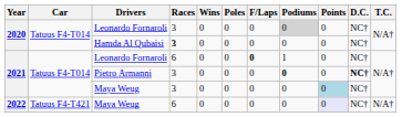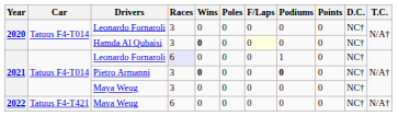 <table class="wikitable" style="font-size:85%">
 <tr>
 <th>Year</th>
 <th>Car</th>
 <th>Drivers</th>
 <th>Races</th>
 <th>Wins</th>
 <th>Poles</th>
 <th>F/Laps</th>
 <th>Podiums</th>
 <th>Points</th>
 <th>D.C.</th>
 <th>T.C.</th>
 </tr>
 <tr>
 <th rowspan="2"><a href='#'>2020</a></th>
 <td rowspan="2"><a href='#'>Tatuus F4-T014</a></td>
 <td> <a href='#'>Leonardo Fornaroli</a></td>
 <td>3</td>
 <td>0</td>
 <td>0</td>
 <td>0</td>
-<td style="background: lightgrey;">0</td>
+<td>0</td>
 <td>0</td>
 <td>NC†</td>
 <td rowspan="2">N/A†</td>
 </tr>
 <tr>
 <td> <a href='#'>Hamda Al Qubaisi</a></td>
-<td><strong>3</strong></td>
+<td>3</td>
+<td><strong>0</strong></td>
 <td>0</td>
-<td>0</td>
-<td>0</td>
+<td style="background: lightyellow;">0</td>
 <td>0</td>
 <td>0</td>
 <td>NC†</td>
 </tr>
 <tr>
 <th rowspan="3"><a href='#'>2021</a></th>
 <td rowspan="3"><a href='#'>Tatuus F4-T014</a></td>
 <td> <a href='#'>Leonardo Fornaroli</a></td>
-<td>6</td>
+<td style="background: lavender;">6</td>
 <td>0</td>
 <td>0</td>
-<td><strong>0</strong></td>
+<td>0</td>
 <td>1</td>
 <td>0</td>
 <td>NC†</td>
 <td rowspan="3">N/A†</td>
 </tr>
 <tr>
 <td> <a href='#'>Pietro Armanni</a></td>
 <td>3</td>
-<td>0</td>
+<td><strong>0</strong></td>
 <td>0</td>
 <td>0</td>
 <td><strong>0</strong></td>
 <td>0</td>
-<td><strong>NC†</strong></td>
+<td>NC†</td>
 </tr>
 <tr>
 <td> <a href='#'>Maya Weug</a></td>
 <td>3</td>
 <td>0</td>
 <td>0</td>
 <td>0</td>
 <td>0</td>
-<td style="background: lightblue;">0</td>
+<td>0</td>
 <td>NC†</td>
 </tr>
 <tr>
 <th><a href='#'>2022</a></th>
 <td><a href='#'>Tatuus F4-T421</a></td>
 <td> <a href='#'>Maya Weug</a></td>
 <td>6</td>
 <td>0</td>
 <td>0</td>
 <td>0</td>
 <td>0</td>
-<td style="background: lavender;">0</td>
+<td>0</td>
 <td>NC†</td>
 <td>N/A†</td>
 </tr>
 </table>
